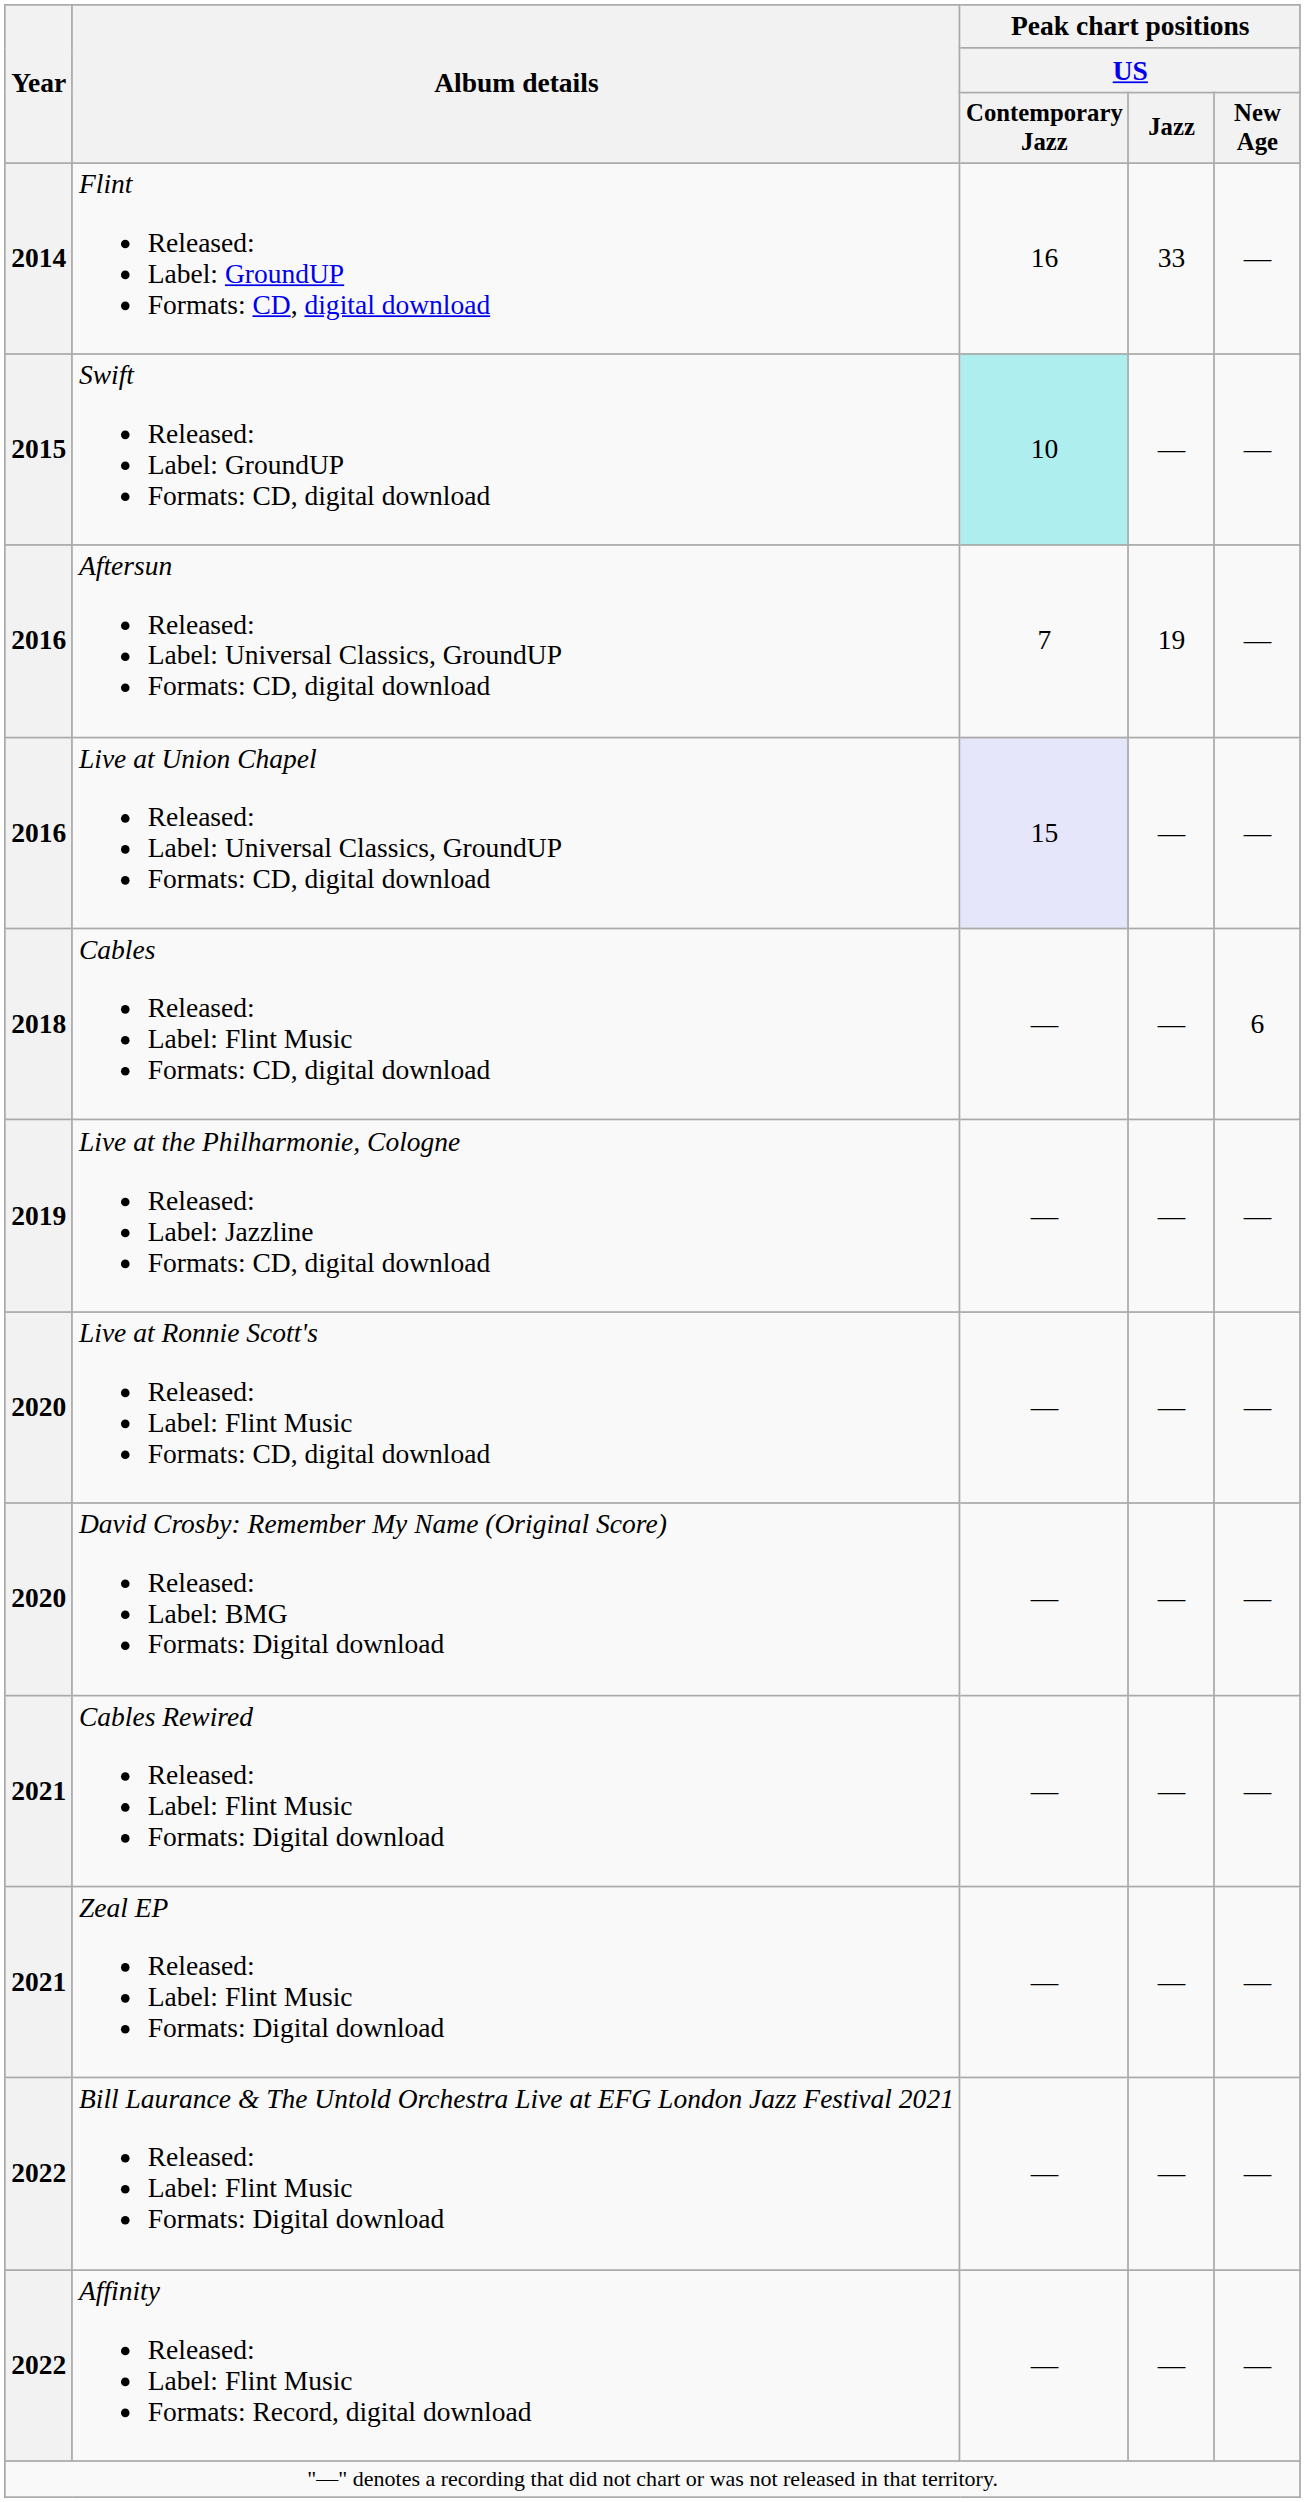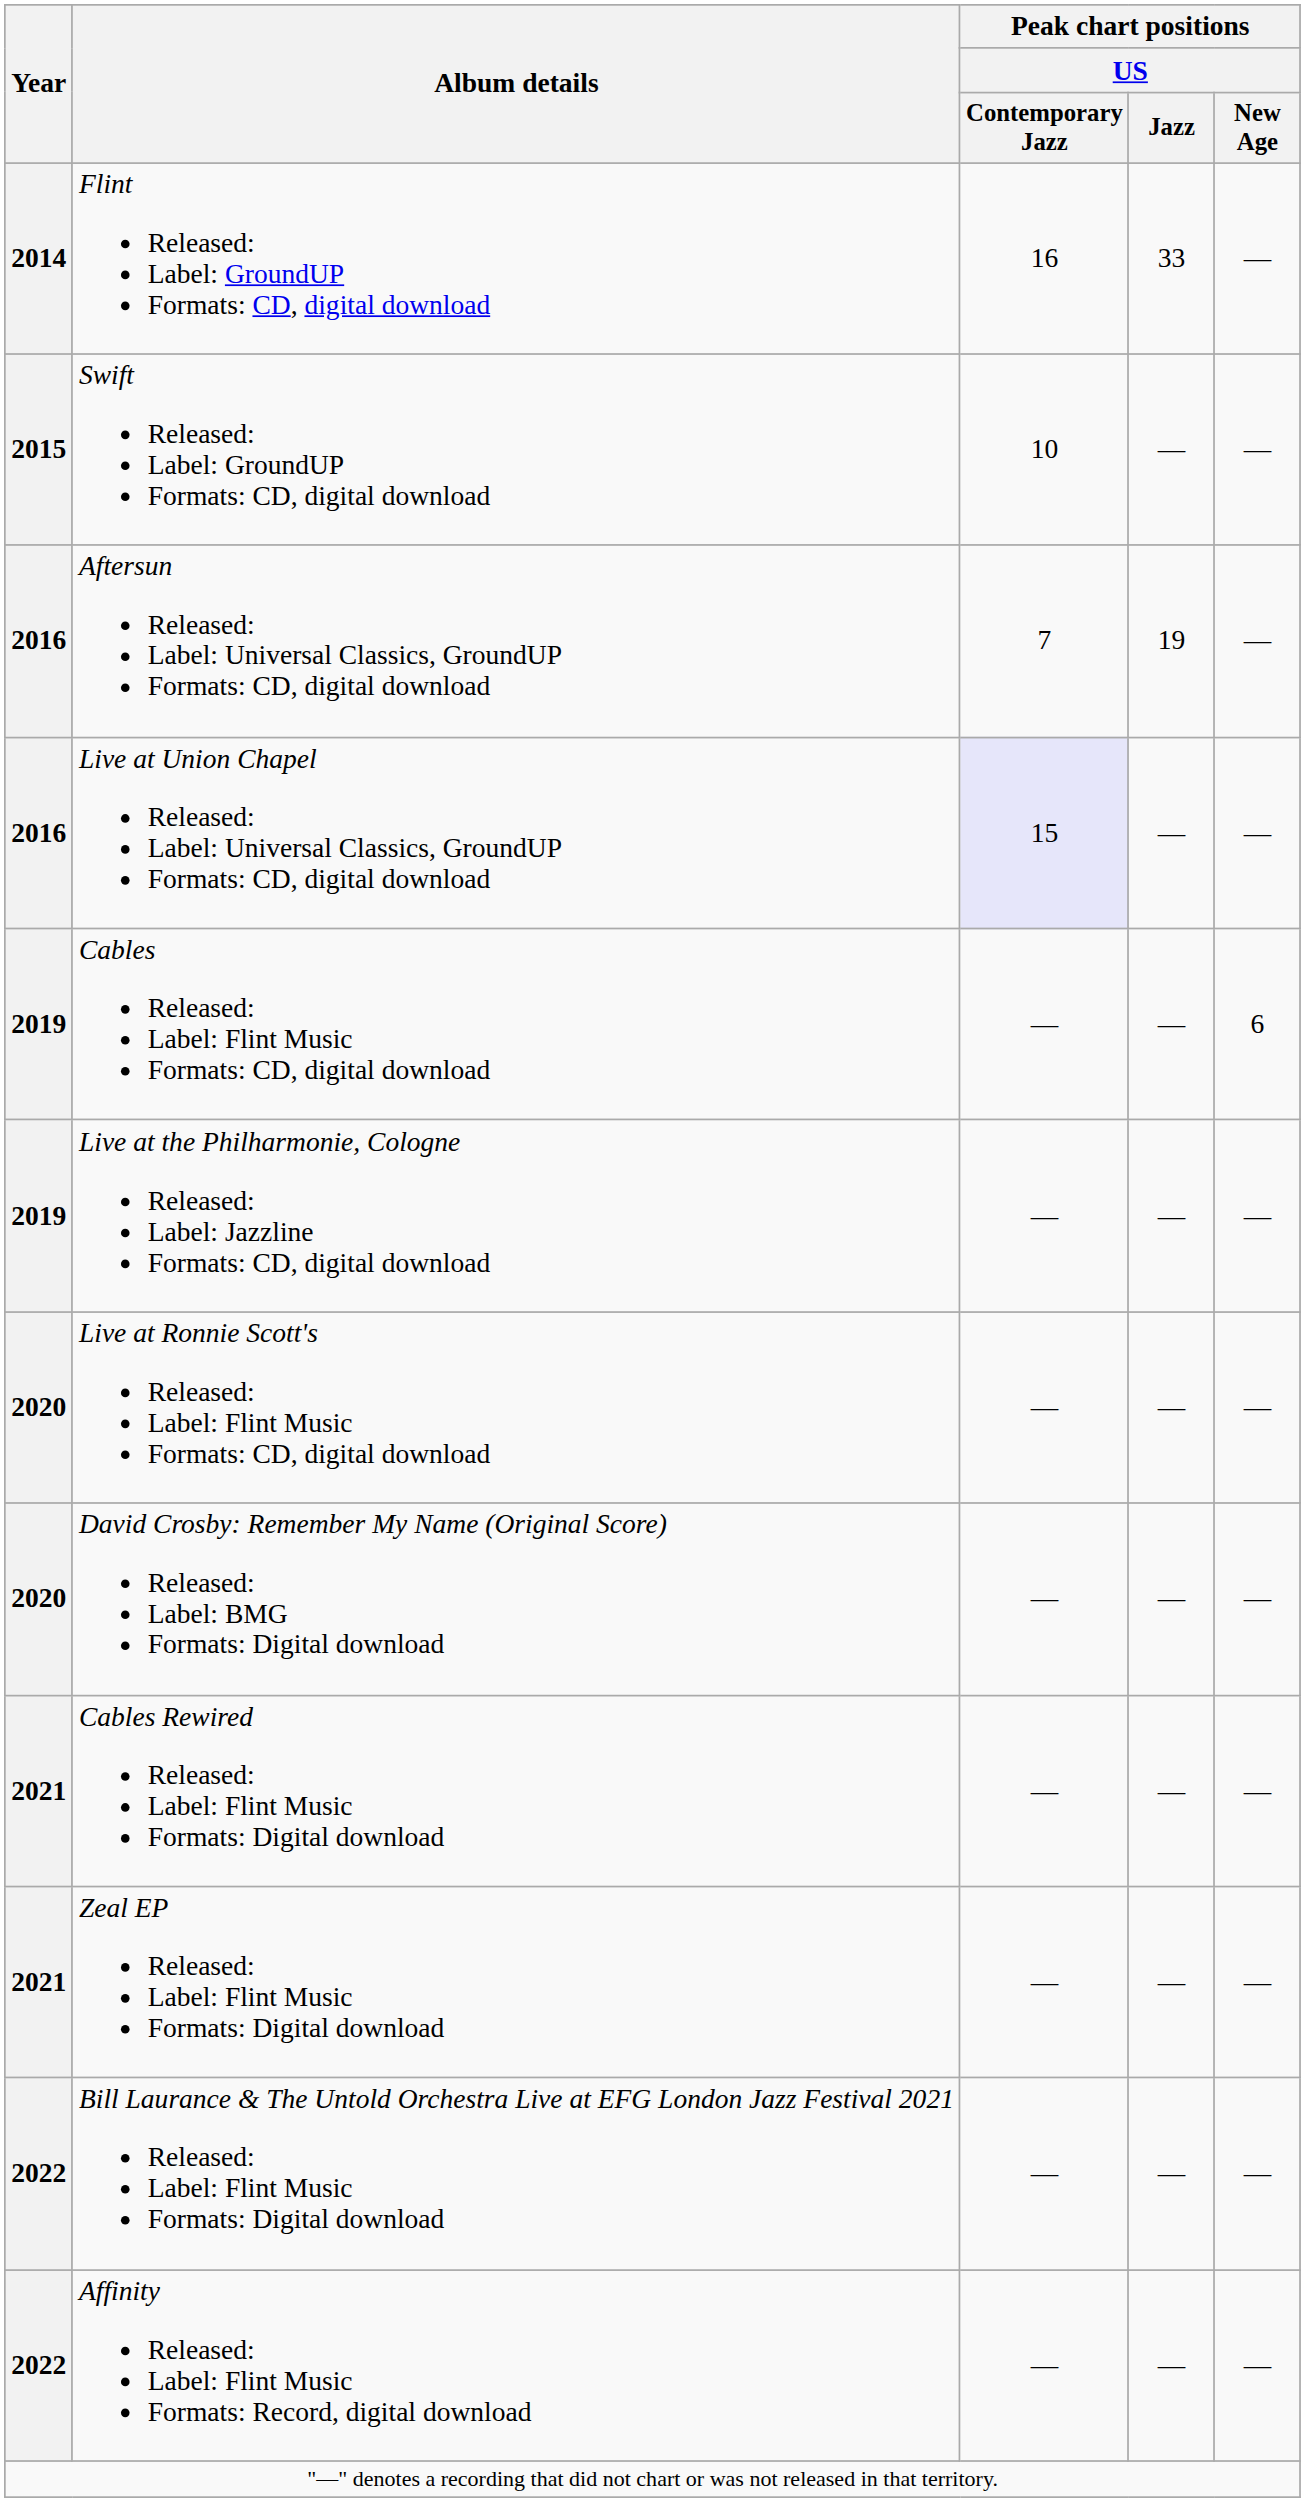 <table class="wikitable plainrowheaders" style="text-align:center;">
 <tr>
 <th rowspan="3">Year</th>
 <th rowspan="3">Album details</th>
 <th colspan="3">Peak chart positions</th>
 </tr>
 <tr>
 <th colspan="3"><a href='#'>US</a></th>
 </tr>
 <tr>
 <th scope="col" style="width:3em;font-size:90%;">Contemporary Jazz</th>
 <th scope="col" style="width:3em;font-size:90%;">Jazz</th>
 <th scope="col" style="width:3em;font-size:90%;">New Age</th>
 </tr>
 <tr>
 <th scope="row">2014</th>
 <td align="left"><em>Flint</em><br><ul><li>Released: </li><li>Label: <a href='#'>GroundUP</a></li><li>Formats: <a href='#'>CD</a>, <a href='#'>digital download</a></li></ul></td>
 <td>16</td>
 <td>33</td>
 <td>—</td>
 </tr>
 <tr>
 <th scope="row">2015</th>
 <td align="left"><em>Swift</em><br><ul><li>Released: </li><li>Label: GroundUP</li><li>Formats: CD, digital download</li></ul></td>
-<td style="background: paleturquoise;">10</td>
+<td>10</td>
 <td>—</td>
 <td>—</td>
 </tr>
 <tr>
 <th scope="row">2016</th>
 <td align="left"><em>Aftersun</em><br><ul><li>Released: </li><li>Label: Universal Classics, GroundUP</li><li>Formats: CD, digital download</li></ul></td>
 <td>7</td>
 <td>19</td>
 <td>—</td>
 </tr>
 <tr>
 <th scope="row">2016</th>
 <td align="left"><em>Live at Union Chapel</em><br><ul><li>Released: </li><li>Label: Universal Classics, GroundUP</li><li>Formats: CD, digital download</li></ul></td>
 <td style="background: lavender;">15</td>
 <td>—</td>
 <td>—</td>
 </tr>
 <tr>
-<th scope="row">2018</th>
+<th scope="row">2019</th>
 <td align="left"><em>Cables</em><br><ul><li>Released: </li><li>Label: Flint Music</li><li>Formats: CD, digital download</li></ul></td>
 <td>—</td>
 <td>—</td>
 <td>6</td>
 </tr>
 <tr>
 <th scope="row">2019</th>
 <td align="left"><em>Live at the Philharmonie, Cologne</em><br><ul><li>Released: </li><li>Label: Jazzline</li><li>Formats: CD, digital download</li></ul></td>
 <td>—</td>
 <td>—</td>
 <td>—</td>
 </tr>
 <tr>
 <th scope="row">2020</th>
 <td align="left"><em>Live at Ronnie Scott's</em><br><ul><li>Released: </li><li>Label: Flint Music</li><li>Formats: CD, digital download</li></ul></td>
 <td>—</td>
 <td>—</td>
 <td>—</td>
 </tr>
 <tr>
 <th scope="row">2020</th>
 <td align="left"><em>David Crosby: Remember My Name (Original Score)</em><br><ul><li>Released: </li><li>Label: BMG</li><li>Formats: Digital download</li></ul></td>
 <td>—</td>
 <td>—</td>
 <td>—</td>
 </tr>
 <tr>
 <th scope="row">2021</th>
 <td align="left"><em>Cables Rewired</em><br><ul><li>Released: </li><li>Label: Flint Music</li><li>Formats: Digital download</li></ul></td>
 <td>—</td>
 <td>—</td>
 <td>—</td>
 </tr>
 <tr>
 <th scope="row">2021</th>
 <td align="left"><em>Zeal EP</em><br><ul><li>Released: </li><li>Label: Flint Music</li><li>Formats: Digital download</li></ul></td>
 <td>—</td>
 <td>—</td>
 <td>—</td>
 </tr>
 <tr>
 <th scope="row">2022</th>
 <td align="left"><em>Bill Laurance & The Untold Orchestra Live at EFG London Jazz Festival 2021</em><br><ul><li>Released: </li><li>Label: Flint Music</li><li>Formats: Digital download</li></ul></td>
 <td>—</td>
 <td>—</td>
 <td>—</td>
 </tr>
 <tr>
 <th scope="row">2022</th>
 <td align="left"><em>Affinity</em><br><ul><li>Released: </li><li>Label: Flint Music</li><li>Formats: Record, digital download</li></ul></td>
 <td>—</td>
 <td>—</td>
 <td>—</td>
 </tr>
 <tr>
 <td colspan="8" style="font-size:80%">"—" denotes a recording that did not chart or was not released in that territory.</td>
 </tr>
 </table>
